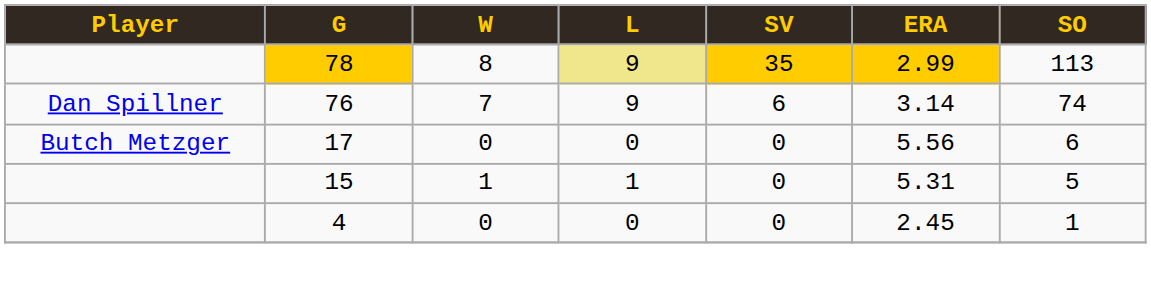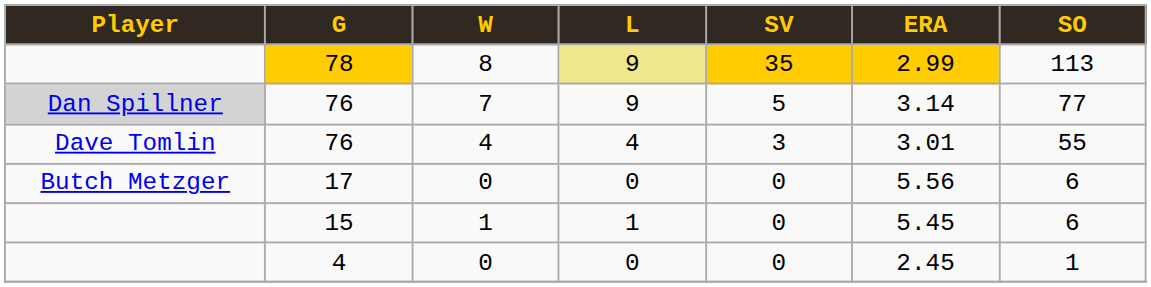 <table class="wikitable sortable">
 <tr>
 <th style="background:#312821; color:#FFCC00" width="16%">Player</th>
 <th style="background:#312821; color:#FFCC00" width="9%">G</th>
 <th style="background:#312821; color:#FFCC00" width="9%">W</th>
 <th style="background:#312821; color:#FFCC00" width="9%">L</th>
 <th style="background:#312821; color:#FFCC00" width="9%">SV</th>
 <th style="background:#312821; color:#FFCC00" width="9%">ERA</th>
 <th style="background:#312821; color:#FFCC00" width="9%">SO</th>
 </tr>
 <tr align="center">
 <td></td>
 <td style="background:#fc0;">78</td>
 <td>8</td>
 <td style="background: khaki;">9</td>
 <td style="background:#fc0;">35</td>
 <td style="background:#fc0;">2.99</td>
 <td>113</td>
 </tr>
 <tr align="center">
-<td><a href='#'>Dan Spillner</a></td>
+<td style="background: lightgrey;"><a href='#'>Dan Spillner</a></td>
 <td>76</td>
 <td>7</td>
 <td>9</td>
-<td>6</td>
+<td>5</td>
 <td>3.14</td>
-<td>74</td>
+<td>77</td>
+</tr>
+<tr align=center>
+<td><a href='#'>Dave Tomlin</a></td>
+<td>76</td>
+<td>4</td>
+<td>4</td>
+<td>3</td>
+<td>3.01</td>
+<td>55</td>
 </tr>
 <tr align=center>
 <td><a href='#'>Butch Metzger</a></td>
 <td>17</td>
 <td>0</td>
 <td>0</td>
 <td>0</td>
 <td>5.56</td>
 <td>6</td>
 </tr>
 <tr align=center>
 <td></td>
 <td>15</td>
 <td>1</td>
 <td>1</td>
 <td>0</td>
-<td>5.31</td>
-<td>5</td>
+<td>5.45</td>
+<td>6</td>
 </tr>
 <tr align="center">
 <td></td>
 <td>4</td>
 <td>0</td>
 <td>0</td>
 <td>0</td>
 <td>2.45</td>
 <td>1</td>
 </tr>
 <tr align="center">
 </tr>
 </table>
